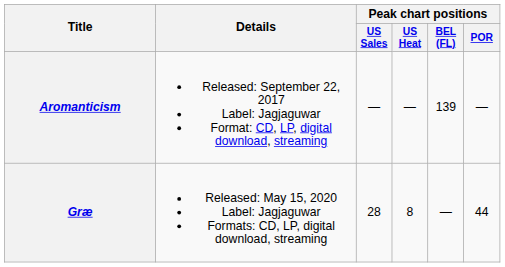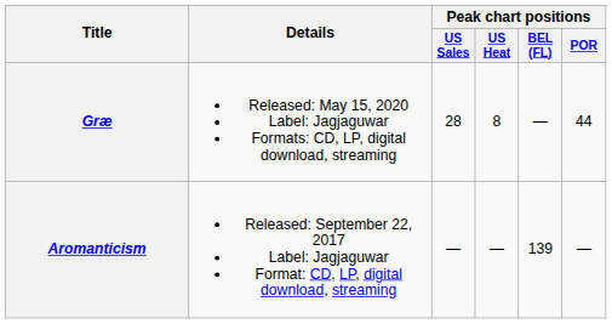 <table class="wikitable plainrowheaders" style="text-align:center;" border="1">
 <tr>
 <th scope="col" rowspan="2" style="width:12em;">Title</th>
 <th scope="col" rowspan="2" style="width:16em;">Details</th>
 <th scope="col" colspan="4">Peak chart positions</th>
 </tr>
 <tr>
 <th scope="col" style="width:3em;font-size:85%;"><a href='#'>US Sales</a><br></th>
 <th scope="col" style="width:3em;font-size:85%;"><a href='#'>US<br>Heat</a><br></th>
 <th scope="col" style="width:3em;font-size:85%;"><a href='#'>BEL<br>(FL)</a><br></th>
 <th scope="col" style="width:3em;font-size:85%;"><a href='#'>POR</a><br></th>
 </tr>
 <tr>
+<th scope="row"><em><a href='#'>Græ</a></em></th>
+<td><br><ul><li>Released: May 15, 2020</li><li>Label: Jagjaguwar</li><li>Formats: CD, LP, digital download, streaming</li></ul></td>
+<td>28</td>
+<td>8</td>
+<td>—</td>
+<td>44</td>
+</tr>
+<tr>
 <th scope="row"><em><a href='#'>Aromanticism</a></em></th>
 <td><br><ul><li>Released: September 22, 2017</li><li>Label: Jagjaguwar</li><li>Format: <a href='#'>CD</a>, <a href='#'>LP</a>, <a href='#'>digital download</a>, <a href='#'>streaming</a></li></ul></td>
 <td>—</td>
 <td>—</td>
 <td>139</td>
 <td>—</td>
 </tr>
-<tr>
-<th scope="row"><em><a href='#'>Græ</a></em></th>
-<td><br><ul><li>Released: May 15, 2020</li><li>Label: Jagjaguwar</li><li>Formats: CD, LP, digital download, streaming</li></ul></td>
-<td>28</td>
-<td>8</td>
-<td>—</td>
-<td>44</td>
-</tr>
 </table>
